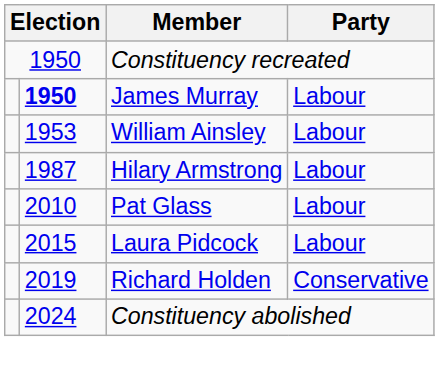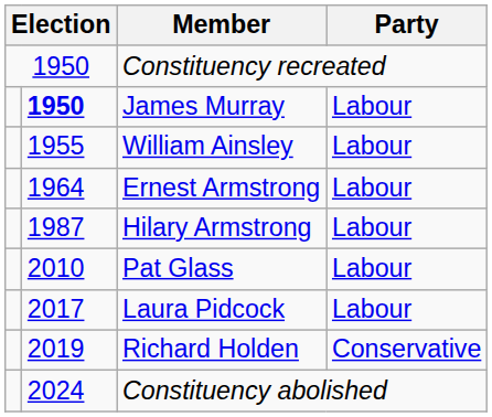 <table class="wikitable">
 <tr>
 <th colspan="2">Election</th>
 <th>Member</th>
 <th>Party</th>
 </tr>
 <tr>
 <td colspan="2" align="center"><a href='#'>1950</a></td>
 <td colspan="2"><em>Constituency recreated</em></td>
 </tr>
 <tr>
 <td style="color:inherit;background-color: "></td>
 <td><strong><a href='#'>1950</a></strong></td>
 <td><a href='#'>James Murray</a></td>
 <td><a href='#'>Labour</a></td>
 </tr>
 <tr>
 <td style="color:inherit;background-color: "></td>
-<td><a href='#'>1953</a></td>
+<td><a href='#'>1955</a></td>
 <td><a href='#'>William Ainsley</a></td>
+<td><a href='#'>Labour</a></td>
+</tr>
+<tr>
+<td style="color:inherit;background-color: "></td>
+<td><a href='#'>1964</a></td>
+<td><a href='#'>Ernest Armstrong</a></td>
 <td><a href='#'>Labour</a></td>
 </tr>
 <tr>
 <td style="color:inherit;background-color: "></td>
 <td><a href='#'>1987</a></td>
 <td><a href='#'>Hilary Armstrong</a></td>
 <td><a href='#'>Labour</a></td>
 </tr>
 <tr>
 <td style="color:inherit;background-color: "></td>
 <td><a href='#'>2010</a></td>
 <td><a href='#'>Pat Glass</a></td>
 <td><a href='#'>Labour</a></td>
 </tr>
 <tr>
 <td style="color:inherit;background-color: "></td>
-<td><a href='#'>2015</a></td>
+<td><a href='#'>2017</a></td>
 <td><a href='#'>Laura Pidcock</a></td>
 <td><a href='#'>Labour</a></td>
 </tr>
 <tr>
 <td style="color:inherit;background-color: "></td>
 <td><a href='#'>2019</a></td>
 <td><a href='#'>Richard Holden</a></td>
 <td><a href='#'>Conservative</a></td>
 </tr>
 <tr>
 <td></td>
 <td><a href='#'>2024</a></td>
 <td colspan="2"><em>Constituency abolished</em></td>
 </tr>
 </table>
